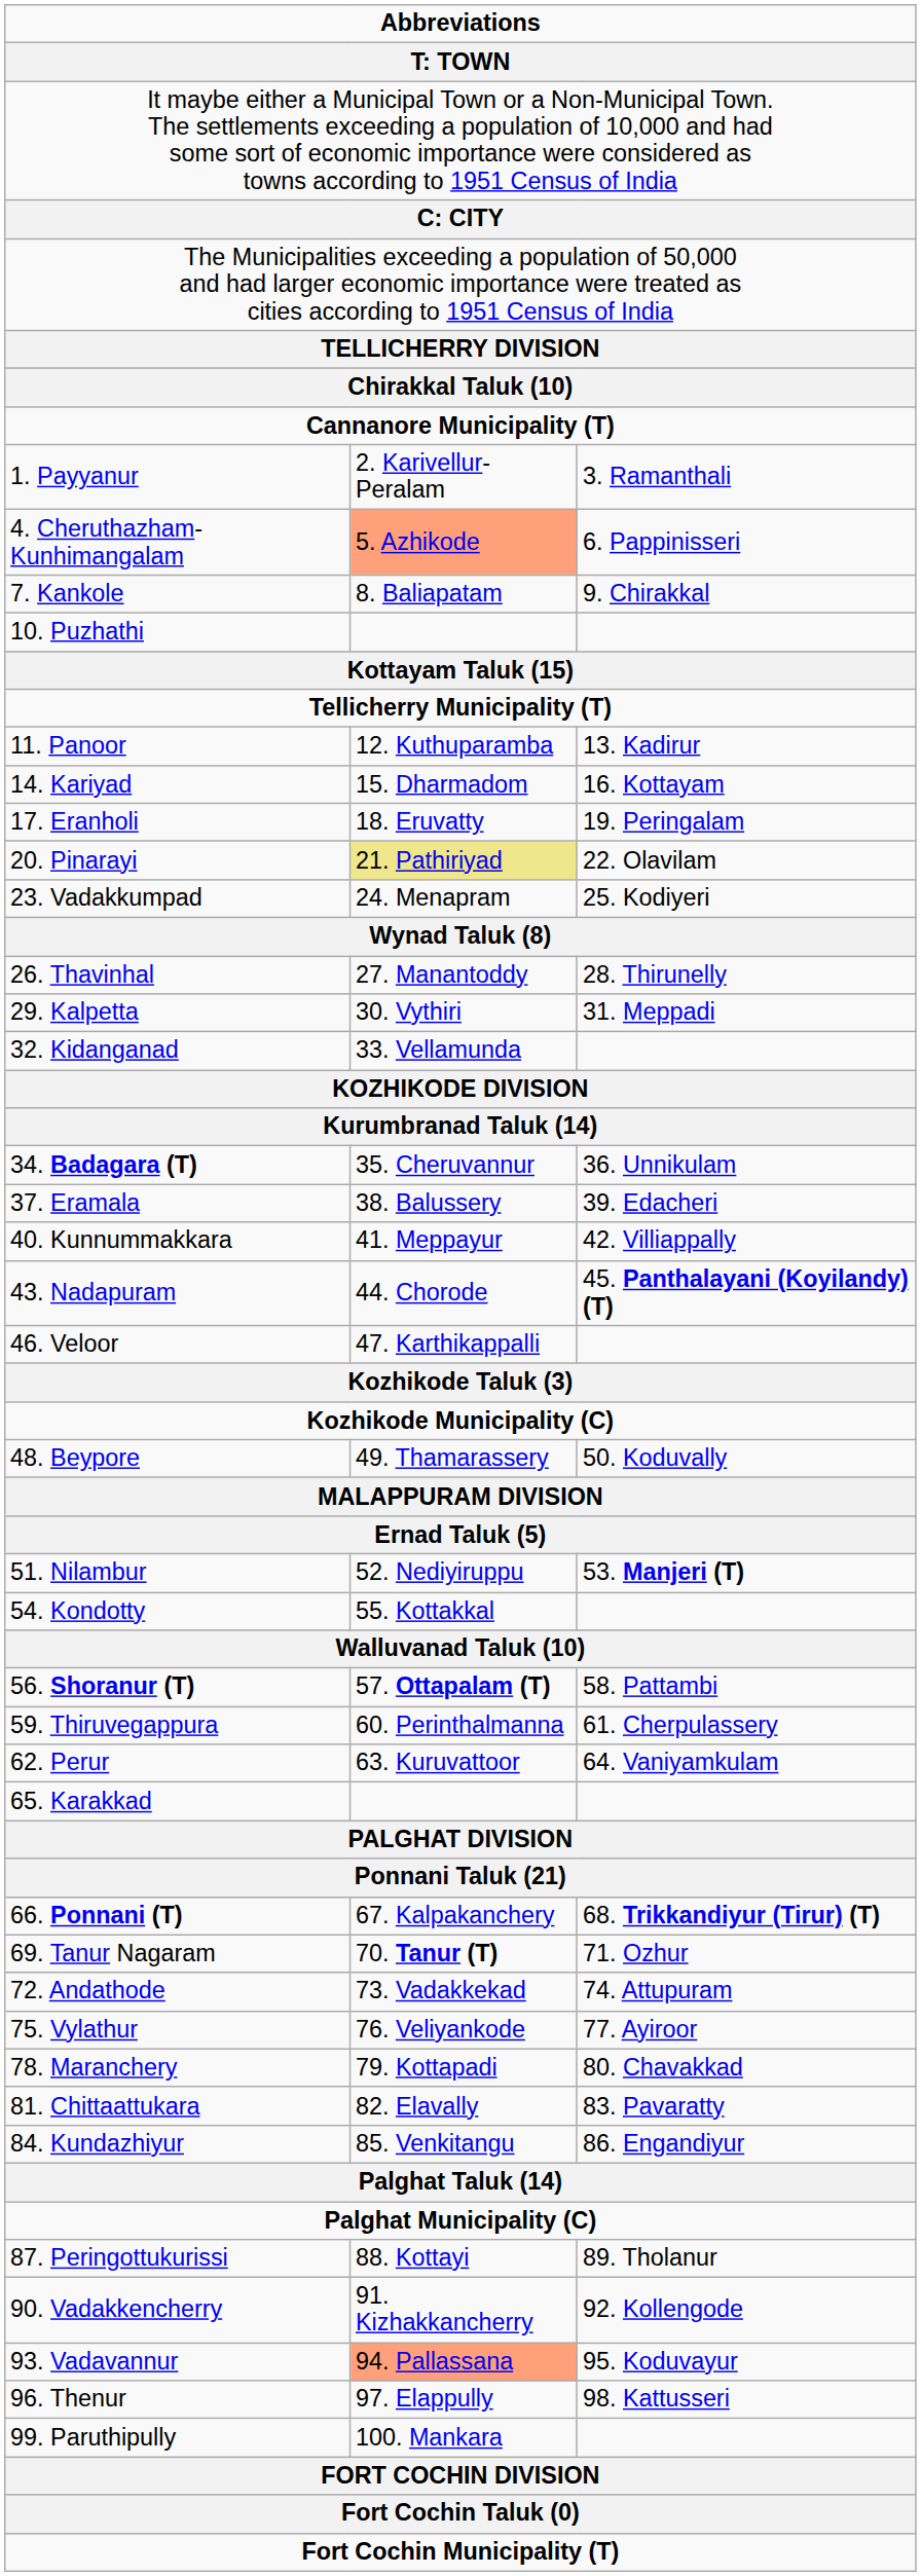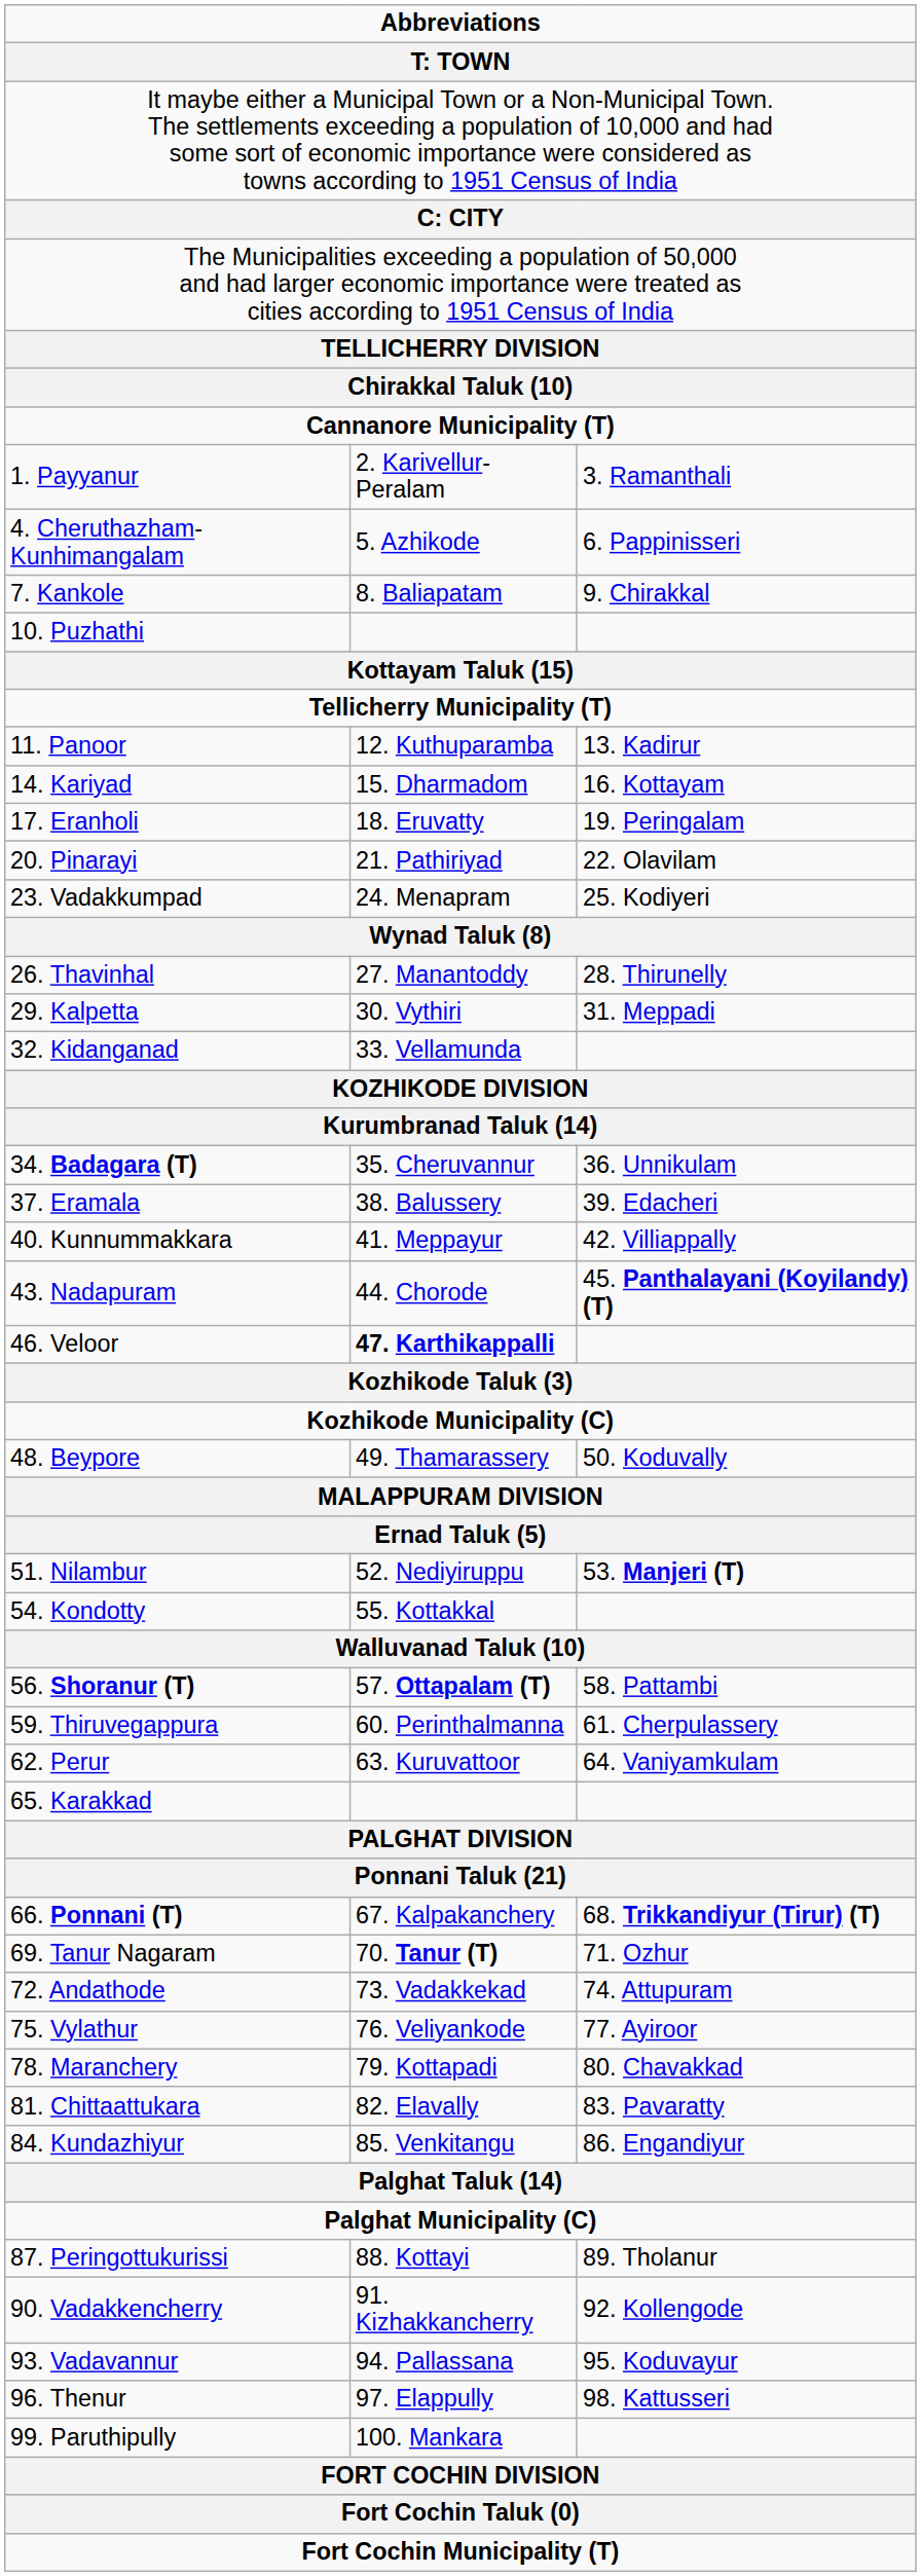 <table class="wikitable">
 <tr>
 <td colspan="3" align="center"><span><strong>Abbreviations</strong></span></td>
 </tr>
 <tr>
 <th colspan="3" align="center"><span><strong>T: TOWN</strong></span></th>
 </tr>
 <tr>
 <td colspan="3" align="center">It maybe either a Municipal Town or a Non-Municipal Town.<br> The settlements exceeding a population of 10,000 and had<br> some sort of economic importance were considered as<br> towns according to <a href='#'>1951 Census of India</a></td>
 </tr>
 <tr>
 <th colspan="3" align="center"><span><strong>C: CITY</strong></span></th>
 </tr>
 <tr>
 <td colspan="3" align="center">The Municipalities exceeding a population of 50,000<br> and had larger economic importance were treated as<br> cities according to <a href='#'>1951 Census of India</a></td>
 </tr>
 <tr>
 <th colspan="3"><span><strong>TELLICHERRY DIVISION</strong></span></th>
 </tr>
 <tr>
 <th colspan="3"><span><strong>Chirakkal Taluk</strong> (10)</span></th>
 </tr>
 <tr>
 <td colspan="3" align="center"><span><strong>Cannanore Municipality</strong></span> <strong>(T)</strong></td>
 </tr>
 <tr>
 <td>1. <a href='#'>Payyanur</a></td>
 <td>2. <a href='#'>Karivellur</a>-Peralam</td>
 <td>3. <a href='#'>Ramanthali</a></td>
 </tr>
 <tr>
 <td>4. <a href='#'>Cheruthazham</a>-<a href='#'>Kunhimangalam</a></td>
-<td style="background: lightsalmon;">5. <a href='#'>Azhikode</a></td>
+<td>5. <a href='#'>Azhikode</a></td>
 <td>6. <a href='#'>Pappinisseri</a></td>
 </tr>
 <tr>
 <td>7. <a href='#'>Kankole</a></td>
 <td>8. <a href='#'>Baliapatam</a></td>
 <td>9. <a href='#'>Chirakkal</a></td>
 </tr>
 <tr>
 <td>10. <a href='#'>Puzhathi</a></td>
 <td></td>
 <td></td>
 </tr>
 <tr>
 <th colspan="3"><span><strong>Kottayam Taluk</strong> (15)</span></th>
 </tr>
 <tr>
 <td colspan="3" align="center"><span><strong>Tellicherry Municipality</strong></span> <strong>(T)</strong></td>
 </tr>
 <tr>
 <td>11. <a href='#'>Panoor</a></td>
 <td>12. <a href='#'>Kuthuparamba</a></td>
 <td>13. <a href='#'>Kadirur</a></td>
 </tr>
 <tr>
 <td>14. <a href='#'>Kariyad</a></td>
 <td>15. <a href='#'>Dharmadom</a></td>
 <td>16. <a href='#'>Kottayam</a></td>
 </tr>
 <tr>
 <td>17. <a href='#'>Eranholi</a></td>
 <td>18. <a href='#'>Eruvatty</a></td>
 <td>19. <a href='#'>Peringalam</a></td>
 </tr>
 <tr>
 <td>20. <a href='#'>Pinarayi</a></td>
-<td style="background: khaki;">21. <a href='#'>Pathiriyad</a></td>
+<td>21. <a href='#'>Pathiriyad</a></td>
 <td>22. Olavilam</td>
 </tr>
 <tr>
 <td>23. Vadakkumpad</td>
 <td>24. Menapram</td>
 <td>25. Kodiyeri</td>
 </tr>
 <tr>
 <th colspan="3"><span><strong>Wynad Taluk</strong> (8)</span></th>
 </tr>
 <tr>
 <td>26. <a href='#'>Thavinhal</a></td>
 <td>27. <a href='#'>Manantoddy</a></td>
 <td>28. <a href='#'>Thirunelly</a></td>
 </tr>
 <tr>
 <td>29. <a href='#'>Kalpetta</a></td>
 <td>30. <a href='#'>Vythiri</a></td>
 <td>31. <a href='#'>Meppadi</a></td>
 </tr>
 <tr>
 <td>32. <a href='#'>Kidanganad</a></td>
 <td>33. <a href='#'>Vellamunda</a></td>
 <td></td>
 </tr>
 <tr>
 <th colspan="3"><span><strong>KOZHIKODE DIVISION</strong></span></th>
 </tr>
 <tr>
 <th colspan="3"><span><strong>Kurumbranad Taluk</strong> (14)</span></th>
 </tr>
 <tr>
 <td>34. <span><strong><a href='#'>Badagara</a></strong></span> <strong>(T)</strong></td>
 <td>35. <a href='#'>Cheruvannur</a></td>
 <td>36. <a href='#'>Unnikulam</a></td>
 </tr>
 <tr>
 <td>37. <a href='#'>Eramala</a></td>
 <td>38. <a href='#'>Balussery</a></td>
 <td>39. <a href='#'>Edacheri</a></td>
 </tr>
 <tr>
 <td>40. Kunnummakkara</td>
 <td>41. <a href='#'>Meppayur</a></td>
 <td>42. <a href='#'>Villiappally</a></td>
 </tr>
 <tr>
 <td>43. <a href='#'>Nadapuram</a></td>
 <td>44. <a href='#'>Chorode</a></td>
 <td>45. <span><strong><a href='#'>Panthalayani (Koyilandy)</a></strong></span> <strong>(T)</strong></td>
 </tr>
 <tr>
 <td>46. Veloor</td>
-<td>47. <a href='#'>Karthikappalli</a></td>
+<td><strong>47. <a href='#'>Karthikappalli</a></strong></td>
 <td></td>
 </tr>
 <tr>
 <th colspan="3"><span><strong>Kozhikode Taluk</strong> (3)</span></th>
 </tr>
 <tr>
 <td colspan="3" align="center"><span><strong>Kozhikode Municipality</strong></span> <strong>(C)</strong></td>
 </tr>
 <tr>
 <td>48. <a href='#'>Beypore</a></td>
 <td>49. <a href='#'>Thamarassery</a></td>
 <td>50. <a href='#'>Koduvally</a></td>
 </tr>
 <tr>
 <th colspan="3"><span><strong>MALAPPURAM DIVISION</strong></span></th>
 </tr>
 <tr>
 <th colspan="3"><span><strong>Ernad Taluk</strong> (5)</span></th>
 </tr>
 <tr>
 <td>51. <a href='#'>Nilambur</a></td>
 <td>52. <a href='#'>Nediyiruppu</a></td>
 <td>53. <span><strong><a href='#'>Manjeri</a></strong></span> <strong>(T)</strong></td>
 </tr>
 <tr>
 <td>54. <a href='#'>Kondotty</a></td>
 <td>55. <a href='#'>Kottakkal</a></td>
 <td></td>
 </tr>
 <tr>
 <th colspan="3"><span><strong>Walluvanad Taluk</strong> (10)</span></th>
 </tr>
 <tr>
 <td>56. <span><strong><a href='#'>Shoranur</a></strong></span> <strong>(T)</strong></td>
 <td>57. <span><strong><a href='#'>Ottapalam</a></strong></span> <strong>(T)</strong></td>
 <td>58. <a href='#'>Pattambi</a></td>
 </tr>
 <tr>
 <td>59. <a href='#'>Thiruvegappura</a></td>
 <td>60. <a href='#'>Perinthalmanna</a></td>
 <td>61. <a href='#'>Cherpulassery</a></td>
 </tr>
 <tr>
 <td>62. <a href='#'>Perur</a></td>
 <td>63. <a href='#'>Kuruvattoor</a></td>
 <td>64. <a href='#'>Vaniyamkulam</a></td>
 </tr>
 <tr>
 <td>65. <a href='#'>Karakkad</a></td>
 <td></td>
 <td></td>
 </tr>
 <tr>
 <th colspan="3"><span><strong>PALGHAT DIVISION</strong></span></th>
 </tr>
 <tr>
 <th colspan="3"><span><strong>Ponnani Taluk</strong> (21)</span></th>
 </tr>
 <tr>
 <td>66. <span><strong><a href='#'>Ponnani</a></strong></span> <strong>(T)</strong></td>
 <td>67. <a href='#'>Kalpakanchery</a></td>
 <td>68. <span><strong><a href='#'>Trikkandiyur (Tirur)</a></strong></span> <strong>(T)</strong></td>
 </tr>
 <tr>
 <td>69. <a href='#'>Tanur</a> Nagaram</td>
 <td>70. <span><strong><a href='#'>Tanur</a></strong></span> <strong>(T)</strong></td>
 <td>71. <a href='#'>Ozhur</a></td>
 </tr>
 <tr>
 <td>72. <a href='#'>Andathode</a></td>
 <td>73. <a href='#'>Vadakkekad</a></td>
 <td>74. <a href='#'>Attupuram</a></td>
 </tr>
 <tr>
 <td>75. <a href='#'>Vylathur</a></td>
 <td>76. <a href='#'>Veliyankode</a></td>
 <td>77. <a href='#'>Ayiroor</a></td>
 </tr>
 <tr>
 <td>78. <a href='#'>Maranchery</a></td>
 <td>79. <a href='#'>Kottapadi</a></td>
 <td>80. <a href='#'>Chavakkad</a></td>
 </tr>
 <tr>
 <td>81. <a href='#'>Chittaattukara</a></td>
 <td>82. <a href='#'>Elavally</a></td>
 <td>83. <a href='#'>Pavaratty</a></td>
 </tr>
 <tr>
 <td>84. <a href='#'>Kundazhiyur</a></td>
 <td>85. <a href='#'>Venkitangu</a></td>
 <td>86. <a href='#'>Engandiyur</a></td>
 </tr>
 <tr>
 <th colspan="3"><span><strong>Palghat Taluk</strong> (14)</span></th>
 </tr>
 <tr>
 <td colspan="3" align="center"><span><strong>Palghat Municipality</strong></span> <strong>(C)</strong></td>
 </tr>
 <tr>
 <td>87. <a href='#'>Peringottukurissi</a></td>
 <td>88. <a href='#'>Kottayi</a></td>
 <td>89. Tholanur</td>
 </tr>
 <tr>
 <td>90. <a href='#'>Vadakkencherry</a></td>
 <td>91. <a href='#'>Kizhakkancherry</a></td>
 <td>92. <a href='#'>Kollengode</a></td>
 </tr>
 <tr>
 <td>93. <a href='#'>Vadavannur</a></td>
-<td style="background: lightsalmon;">94. <a href='#'>Pallassana</a></td>
+<td>94. <a href='#'>Pallassana</a></td>
 <td>95. <a href='#'>Koduvayur</a></td>
 </tr>
 <tr>
 <td>96. Thenur</td>
 <td>97. <a href='#'>Elappully</a></td>
 <td>98. <a href='#'>Kattusseri</a></td>
 </tr>
 <tr>
 <td>99. Paruthipully</td>
 <td>100. <a href='#'>Mankara</a></td>
 <td></td>
 </tr>
 <tr>
 <th colspan="3"><span><strong>FORT COCHIN DIVISION</strong></span></th>
 </tr>
 <tr>
 <th colspan="3"><span><strong>Fort Cochin Taluk</strong> (0)</span></th>
 </tr>
 <tr>
 <td colspan="3" align="center"><span><strong>Fort Cochin Municipality</strong></span> <strong>(T)</strong></td>
 </tr>
 </table>
